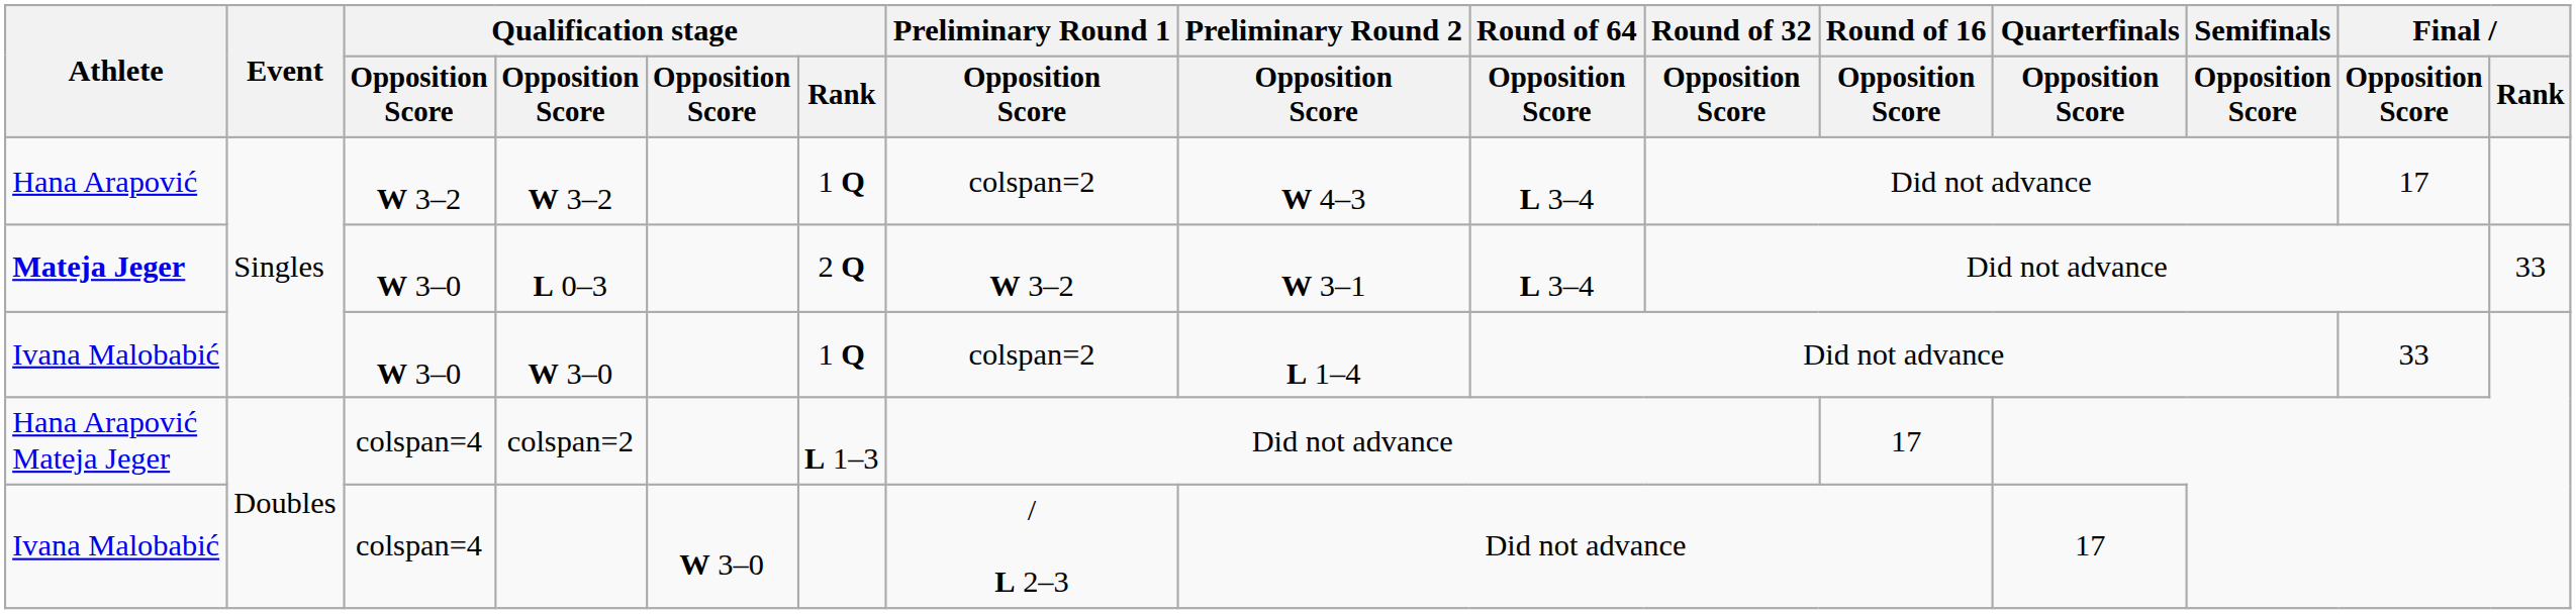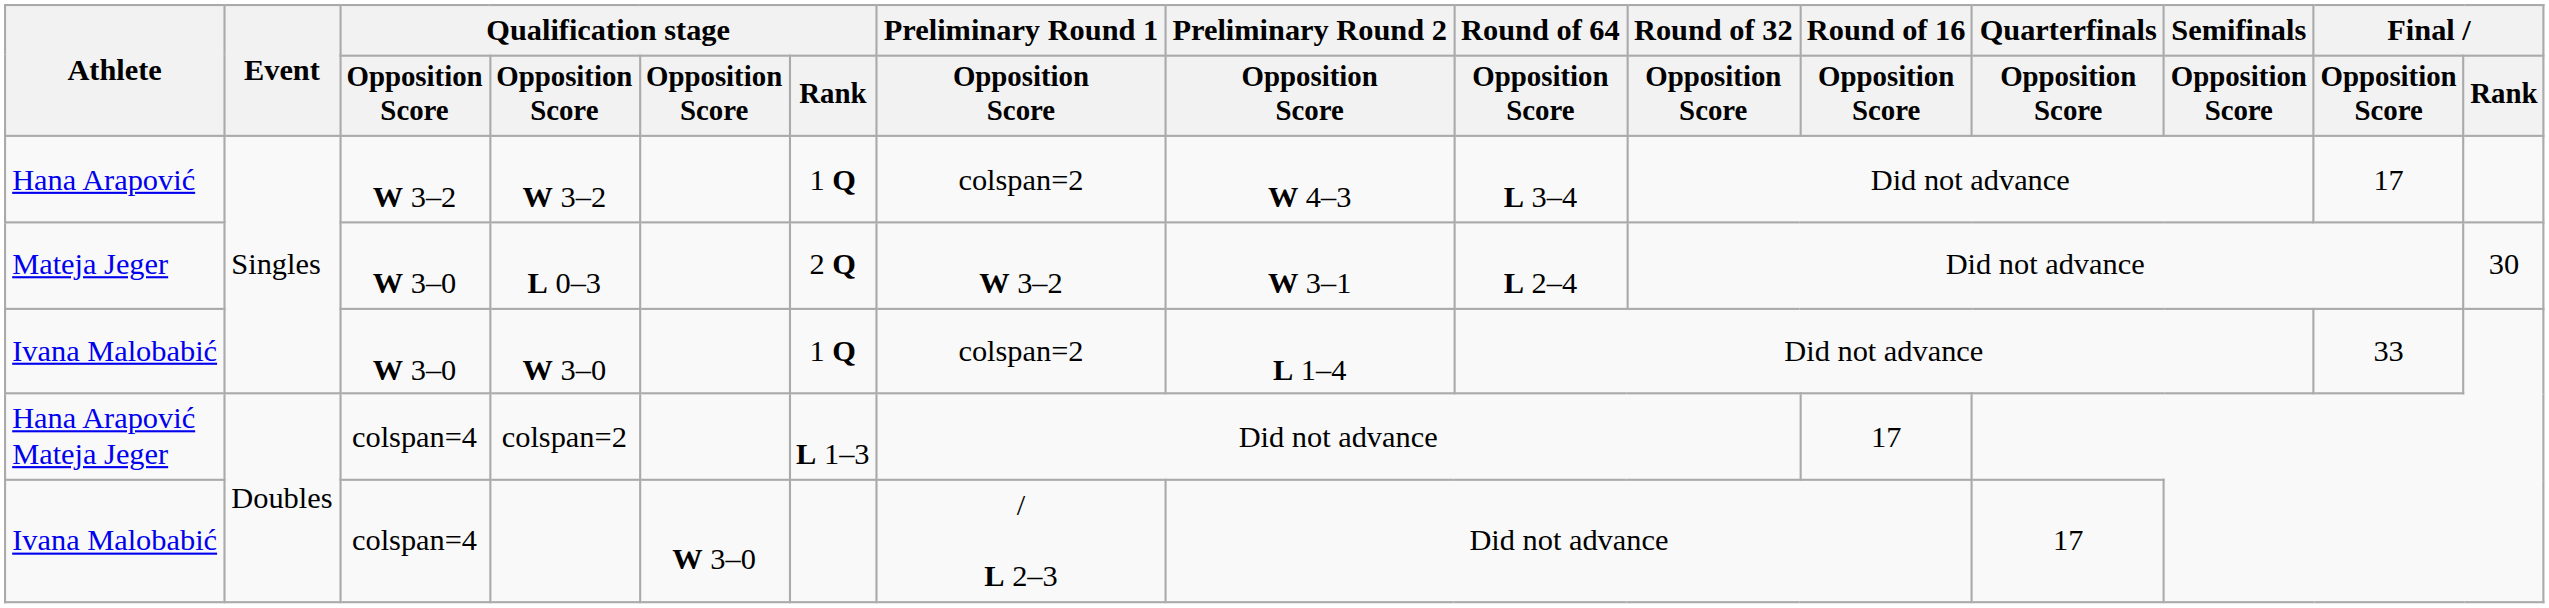 <table class=wikitable style=font-size:90%;text-align:center>
 <tr>
 <th rowspan=2>Athlete</th>
 <th rowspan=2>Event</th>
 <th colspan=4>Qualification stage</th>
 <th>Preliminary Round 1</th>
 <th>Preliminary Round 2</th>
 <th>Round of 64</th>
 <th>Round of 32</th>
 <th>Round of 16</th>
 <th>Quarterfinals</th>
 <th>Semifinals</th>
 <th colspan=2>Final / </th>
 </tr>
 <tr style=font-size:95%>
 <th>Opposition<br>Score</th>
 <th>Opposition<br>Score</th>
 <th>Opposition<br>Score</th>
 <th>Rank</th>
 <th>Opposition<br>Score</th>
 <th>Opposition<br>Score</th>
 <th>Opposition<br>Score</th>
 <th>Opposition<br>Score</th>
 <th>Opposition<br>Score</th>
 <th>Opposition<br>Score</th>
 <th>Opposition<br>Score</th>
 <th>Opposition<br>Score</th>
 <th>Rank</th>
 </tr>
 <tr>
 <td align=left><a href='#'>Hana Arapović</a></td>
 <td align=left rowspan=3>Singles</td>
 <td><br><strong>W</strong> 3–2</td>
 <td><br><strong>W</strong> 3–2</td>
 <td></td>
 <td>1 <strong>Q</strong></td>
 <td>colspan=2</td>
 <td><br><strong>W</strong> 4–3</td>
 <td><br><strong>L</strong> 3–4</td>
 <td colspan=4>Did not advance</td>
 <td>17</td>
 </tr>
 <tr>
-<td align=left><strong><a href='#'>Mateja Jeger</a></strong></td>
+<td align=left><a href='#'>Mateja Jeger</a></td>
 <td><br><strong>W</strong> 3–0</td>
 <td><br><strong>L</strong> 0–3</td>
 <td></td>
 <td>2 <strong>Q</strong></td>
 <td><br><strong>W</strong> 3–2</td>
 <td><br><strong>W</strong> 3–1</td>
-<td><br><strong>L</strong> 3–4</td>
+<td><br><strong>L</strong> 2–4</td>
 <td colspan=5>Did not advance</td>
-<td>33</td>
+<td>30</td>
 </tr>
 <tr>
 <td align=left><a href='#'>Ivana Malobabić</a></td>
 <td><br><strong>W</strong> 3–0</td>
 <td><br><strong>W</strong> 3–0</td>
 <td></td>
 <td>1 <strong>Q</strong></td>
 <td>colspan=2</td>
 <td><br><strong>L</strong> 1–4</td>
 <td colspan=5>Did not advance</td>
 <td>33</td>
 </tr>
 <tr>
 <td align=left><a href='#'>Hana Arapović</a><br><a href='#'>Mateja Jeger</a></td>
 <td rowspan=2>Doubles</td>
 <td>colspan=4</td>
 <td>colspan=2</td>
 <td></td>
 <td><br><strong>L</strong> 1–3</td>
 <td colspan=4>Did not advance</td>
 <td>17</td>
 </tr>
 <tr>
 <td align=left><a href='#'>Ivana Malobabić</a><br></td>
 <td>colspan=4</td>
 <td></td>
 <td><br><strong>W</strong> 3–0</td>
 <td></td>
 <td> /<br><br><strong>L</strong> 2–3</td>
 <td colspan=4>Did not advance</td>
 <td>17</td>
 </tr>
 </table>
